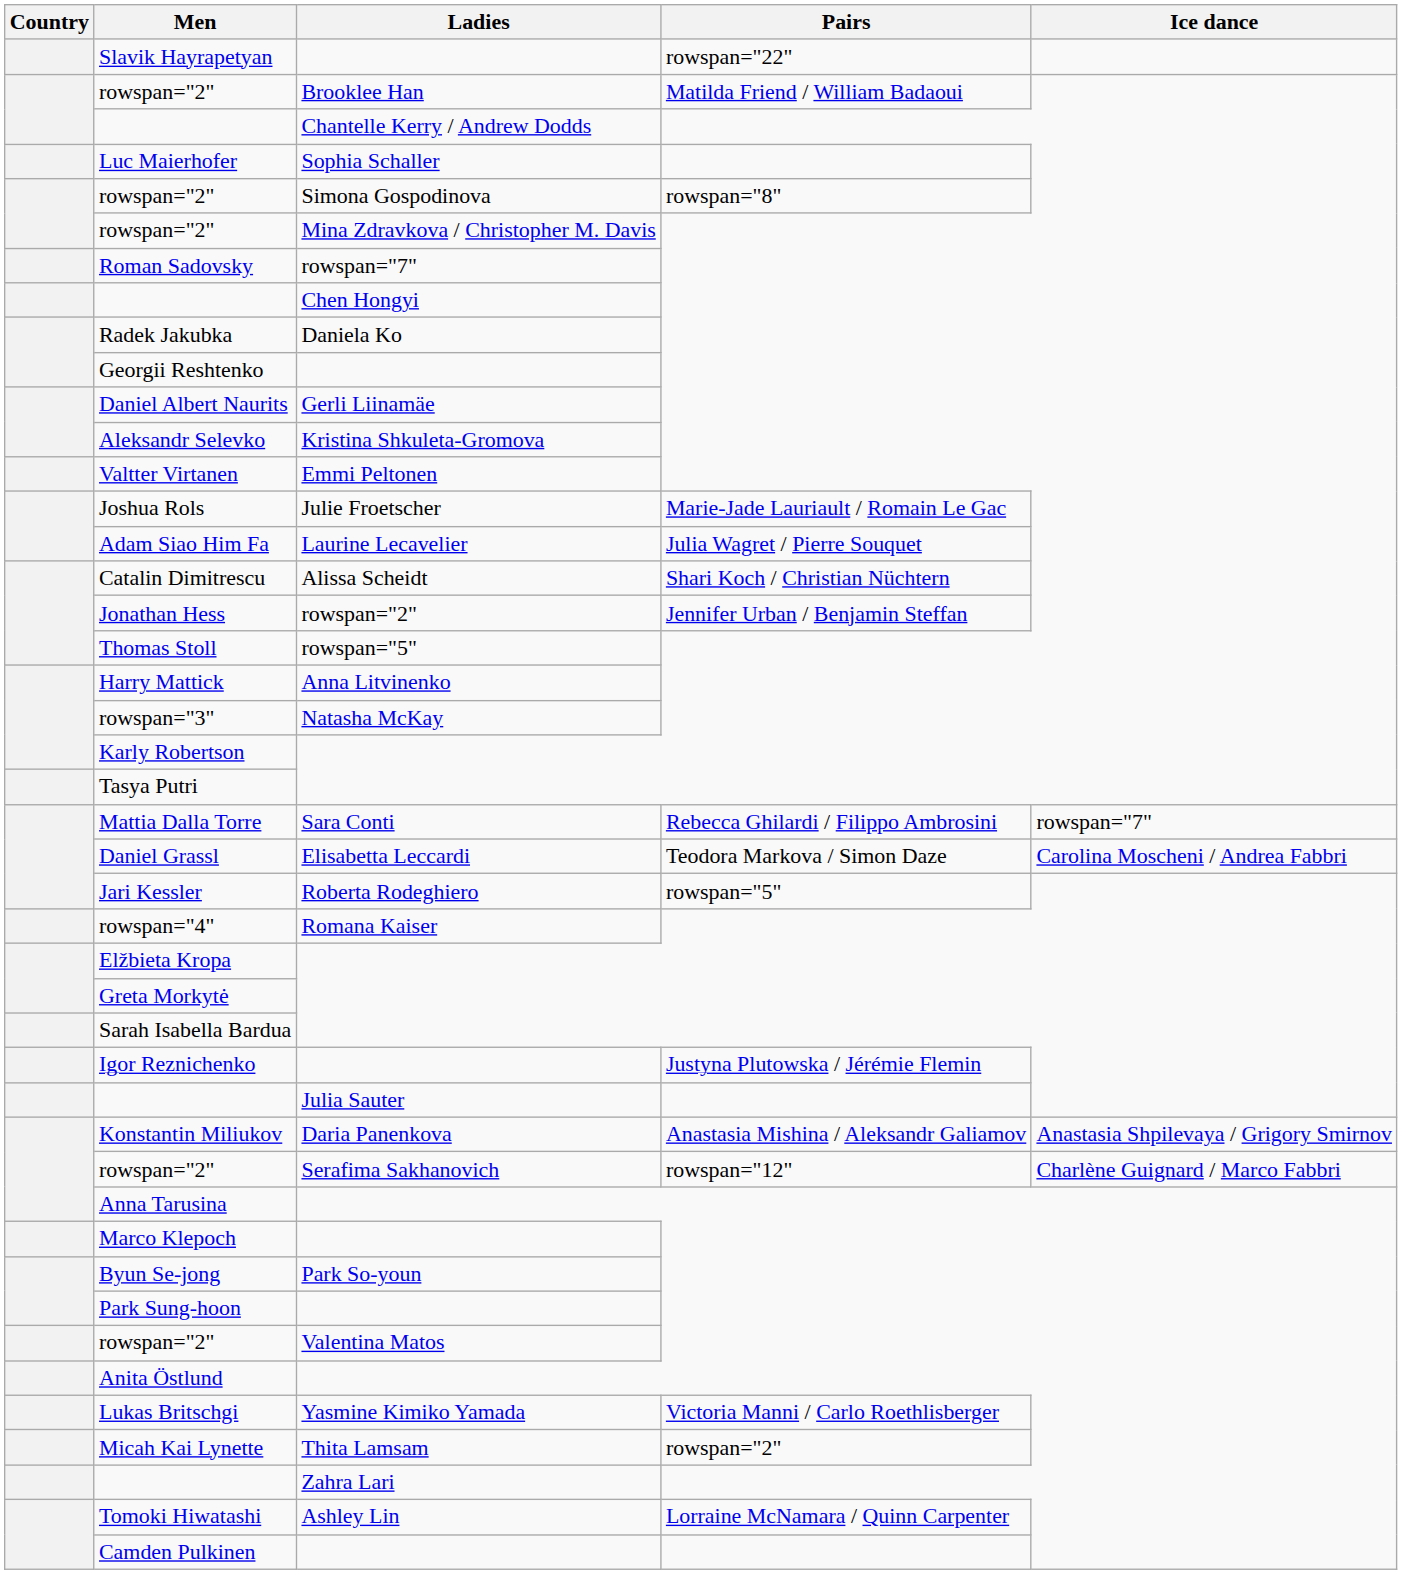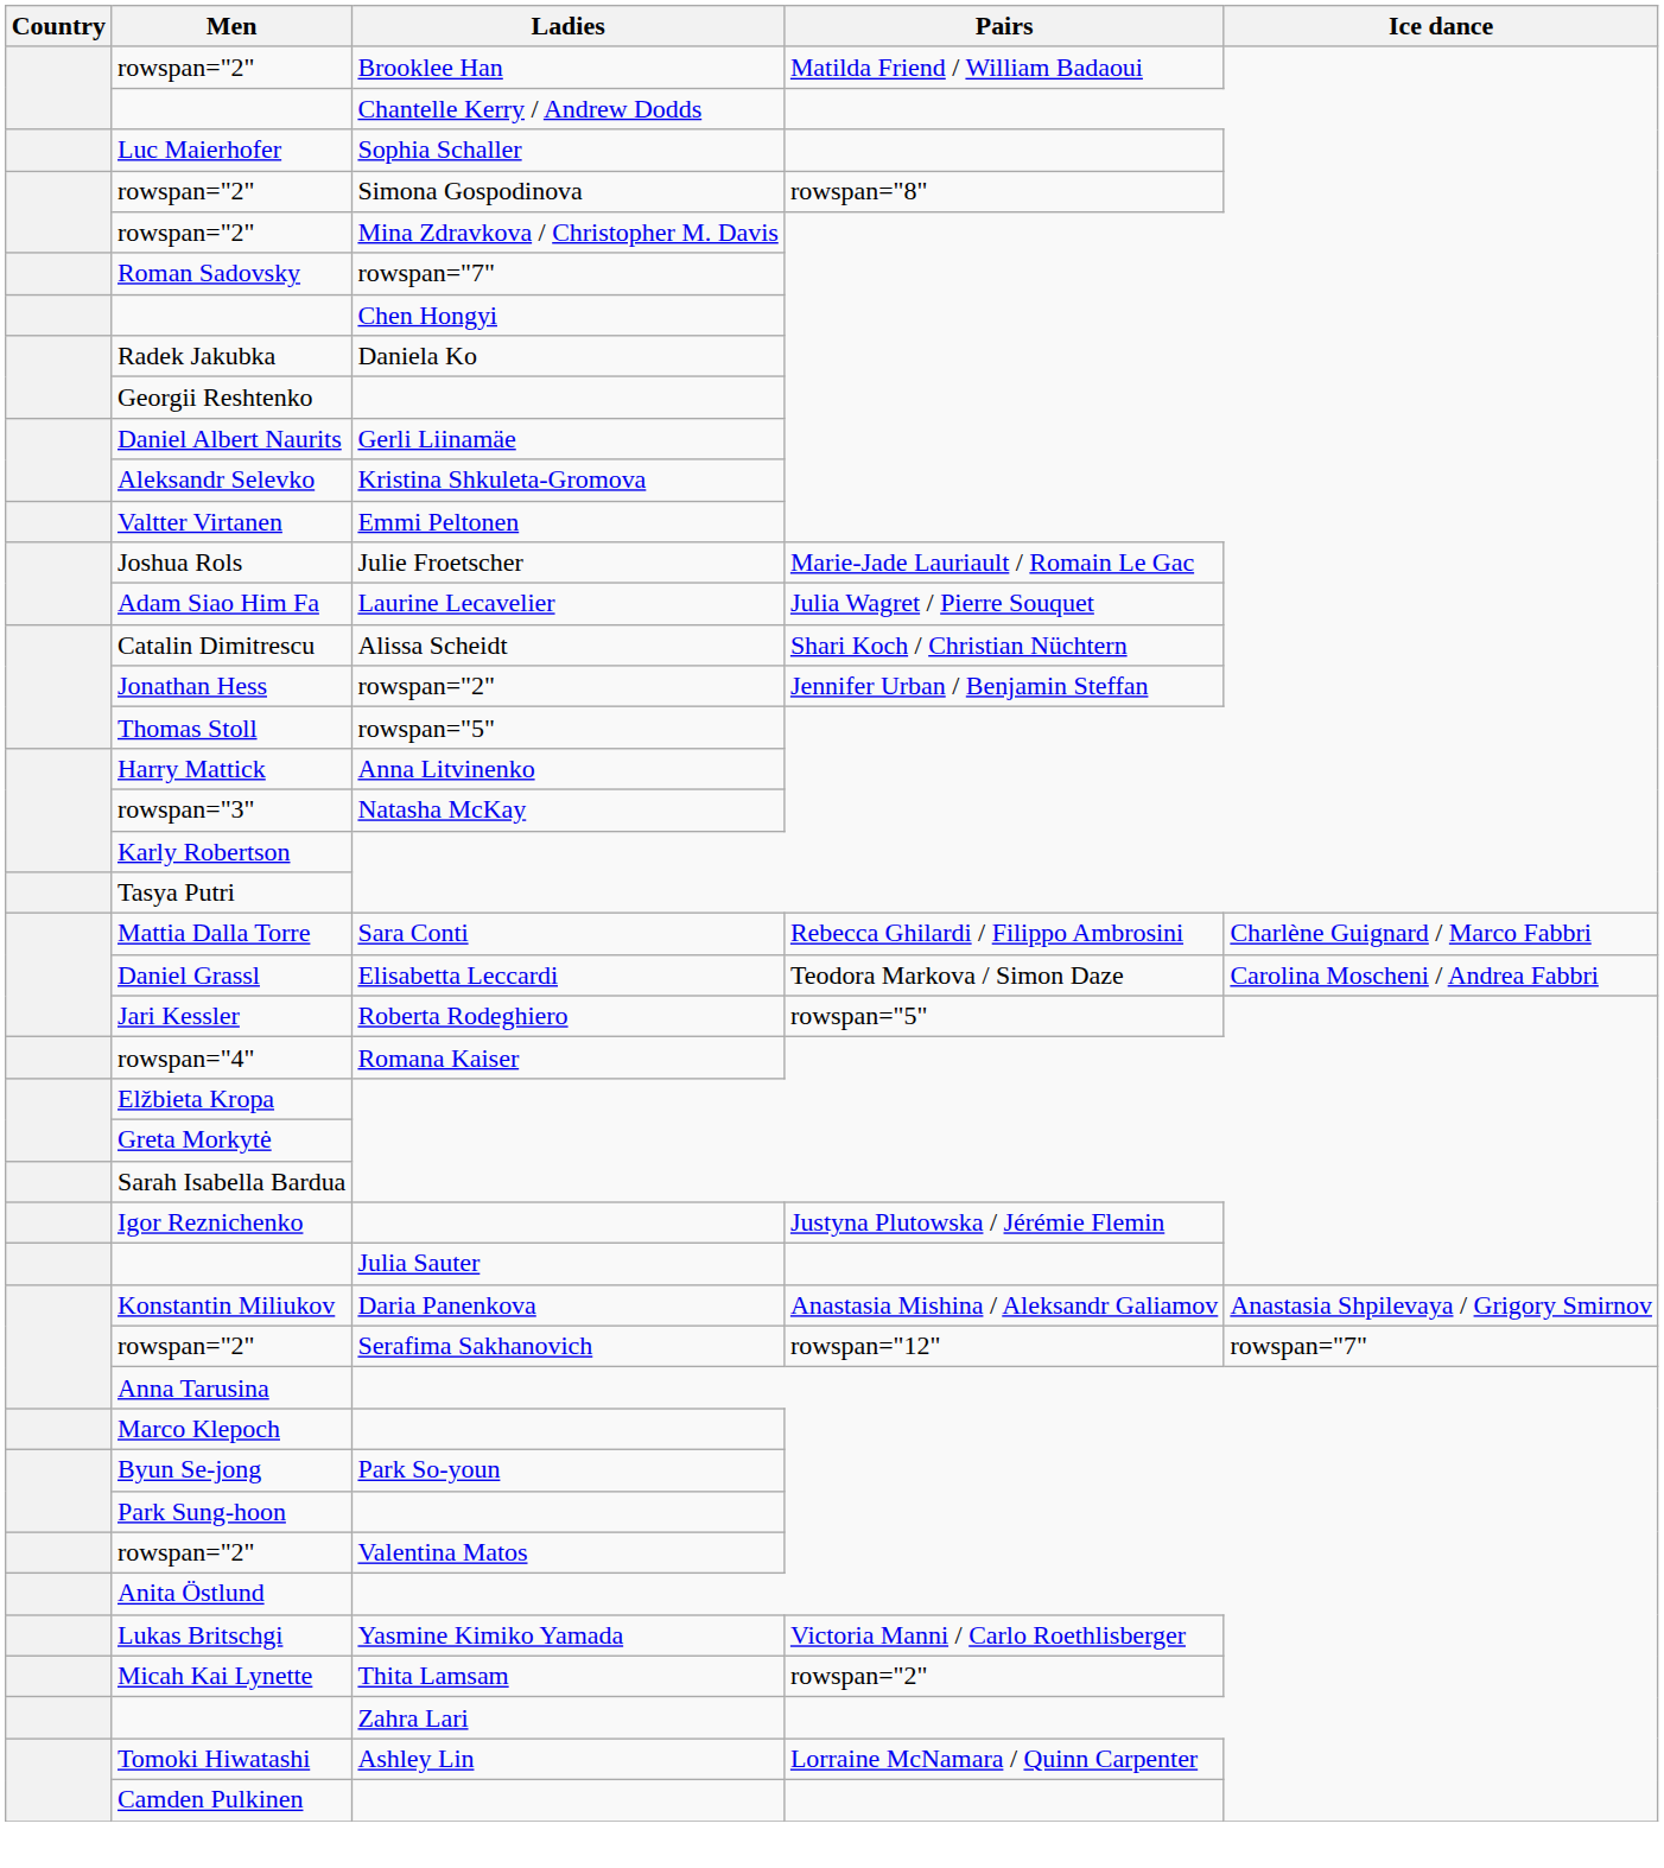 <table class="wikitable unsortable" style="text-align:left">
 <tr>
 <th scope="col">Country</th>
 <th scope="col">Men</th>
 <th scope="col">Ladies</th>
 <th scope="col">Pairs</th>
 <th scope="col">Ice dance</th>
-</tr>
-<tr>
-<th scope="row" style="text-align:left"></th>
-<td><a href='#'>Slavik Hayrapetyan</a></td>
-<td></td>
-<td>rowspan="22" </td>
-<td></td>
 </tr>
 <tr>
 <th rowspan="2" scope="row" style="text-align:left"></th>
 <td>rowspan="2" </td>
 <td><a href='#'>Brooklee Han</a></td>
 <td><a href='#'>Matilda Friend</a> / <a href='#'>William Badaoui</a></td>
 </tr>
 <tr>
 <td></td>
 <td><a href='#'>Chantelle Kerry</a> / <a href='#'>Andrew Dodds</a></td>
 </tr>
 <tr>
 <th scope="row" style="text-align:left"></th>
 <td><a href='#'>Luc Maierhofer</a></td>
 <td><a href='#'>Sophia Schaller</a></td>
 <td></td>
 </tr>
 <tr>
 <th rowspan="2" scope="row" style="text-align:left"></th>
 <td>rowspan="2" </td>
 <td>Simona Gospodinova</td>
 <td>rowspan="8" </td>
 </tr>
 <tr>
 <td>rowspan="2" </td>
 <td><a href='#'>Mina Zdravkova</a> / <a href='#'>Christopher M. Davis</a></td>
 </tr>
 <tr>
 <th scope="row" style="text-align:left"></th>
 <td><a href='#'>Roman Sadovsky</a></td>
 <td>rowspan="7" </td>
 </tr>
 <tr>
 <th scope="row" style="text-align:left"></th>
 <td></td>
 <td><a href='#'>Chen Hongyi</a></td>
 </tr>
 <tr>
 <th rowspan="2" scope="row" style="text-align:left"></th>
 <td>Radek Jakubka</td>
 <td>Daniela Ko</td>
 </tr>
 <tr>
 <td>Georgii Reshtenko</td>
 <td></td>
 </tr>
 <tr>
 <th rowspan="2" scope="row" style="text-align:left"></th>
 <td><a href='#'>Daniel Albert Naurits</a></td>
 <td><a href='#'>Gerli Liinamäe</a></td>
 </tr>
 <tr>
 <td><a href='#'>Aleksandr Selevko</a></td>
 <td><a href='#'>Kristina Shkuleta-Gromova</a></td>
 </tr>
 <tr>
 <th scope="row" style="text-align:left"></th>
 <td><a href='#'>Valtter Virtanen</a></td>
 <td><a href='#'>Emmi Peltonen</a></td>
 </tr>
 <tr>
 <th rowspan="2" scope="row" style="text-align:left"></th>
 <td>Joshua Rols</td>
 <td>Julie Froetscher</td>
 <td><a href='#'>Marie-Jade Lauriault</a> / <a href='#'>Romain Le Gac</a></td>
 </tr>
 <tr>
 <td><a href='#'>Adam Siao Him Fa</a></td>
 <td><a href='#'>Laurine Lecavelier</a></td>
 <td><a href='#'>Julia Wagret</a> / <a href='#'>Pierre Souquet</a></td>
 </tr>
 <tr>
 <th rowspan="3" scope="row" style="text-align:left"></th>
 <td>Catalin Dimitrescu</td>
 <td>Alissa Scheidt</td>
 <td><a href='#'>Shari Koch</a> / <a href='#'>Christian Nüchtern</a></td>
 </tr>
 <tr>
 <td><a href='#'>Jonathan Hess</a></td>
 <td>rowspan="2" </td>
 <td><a href='#'>Jennifer Urban</a> / <a href='#'>Benjamin Steffan</a></td>
 </tr>
 <tr>
 <td><a href='#'>Thomas Stoll</a></td>
 <td>rowspan="5" </td>
 </tr>
 <tr>
 <th rowspan="3" scope="row" style="text-align:left"></th>
 <td><a href='#'>Harry Mattick</a></td>
 <td><a href='#'>Anna Litvinenko</a></td>
 </tr>
 <tr>
 <td>rowspan="3" </td>
 <td><a href='#'>Natasha McKay</a></td>
 </tr>
 <tr>
 <td><a href='#'>Karly Robertson</a></td>
 </tr>
 <tr>
 <th scope="row" style="text-align:left"></th>
 <td>Tasya Putri</td>
 </tr>
 <tr>
 <th rowspan="3" scope="row" style="text-align:left"></th>
 <td><a href='#'>Mattia Dalla Torre</a></td>
 <td><a href='#'>Sara Conti</a></td>
 <td><a href='#'>Rebecca Ghilardi</a> / <a href='#'>Filippo Ambrosini</a></td>
-<td>rowspan="7" </td>
+<td><a href='#'>Charlène Guignard</a> / <a href='#'>Marco Fabbri</a></td>
 </tr>
 <tr>
 <td><a href='#'>Daniel Grassl</a></td>
 <td><a href='#'>Elisabetta Leccardi</a></td>
 <td>Teodora Markova / Simon Daze</td>
 <td><a href='#'>Carolina Moscheni</a> / <a href='#'>Andrea Fabbri</a></td>
 </tr>
 <tr>
 <td><a href='#'>Jari Kessler</a></td>
 <td><a href='#'>Roberta Rodeghiero</a></td>
 <td>rowspan="5" </td>
 </tr>
 <tr>
 <th scope="row" style="text-align:left"></th>
 <td>rowspan="4" </td>
 <td><a href='#'>Romana Kaiser</a></td>
 </tr>
 <tr>
 <th rowspan="2" scope="row" style="text-align:left"></th>
 <td><a href='#'>Elžbieta Kropa</a></td>
 </tr>
 <tr>
 <td><a href='#'>Greta Morkytė</a></td>
 </tr>
 <tr>
 <th scope="row" style="text-align:left"></th>
 <td>Sarah Isabella Bardua</td>
 </tr>
 <tr>
 <th scope="row" style="text-align:left"></th>
 <td><a href='#'>Igor Reznichenko</a></td>
 <td></td>
 <td><a href='#'>Justyna Plutowska</a> / <a href='#'>Jérémie Flemin</a></td>
 </tr>
 <tr>
 <th scope="row" style="text-align:left"></th>
 <td></td>
 <td><a href='#'>Julia Sauter</a></td>
 <td></td>
 </tr>
 <tr>
 <th rowspan="3" scope="row" style="text-align:left"></th>
 <td><a href='#'>Konstantin Miliukov</a></td>
 <td><a href='#'>Daria Panenkova</a></td>
 <td><a href='#'>Anastasia Mishina</a> / <a href='#'>Aleksandr Galiamov</a></td>
 <td><a href='#'>Anastasia Shpilevaya</a> / <a href='#'>Grigory Smirnov</a></td>
 </tr>
 <tr>
 <td>rowspan="2" </td>
 <td><a href='#'>Serafima Sakhanovich</a></td>
 <td>rowspan="12" </td>
-<td><a href='#'>Charlène Guignard</a> / <a href='#'>Marco Fabbri</a></td>
+<td>rowspan="7" </td>
 </tr>
 <tr>
 <td><a href='#'>Anna Tarusina</a></td>
 </tr>
 <tr>
 <th scope="row" style="text-align:left"></th>
 <td><a href='#'>Marco Klepoch</a></td>
 <td></td>
 </tr>
 <tr>
 <th rowspan="2" scope="row" style="text-align:left"></th>
 <td><a href='#'>Byun Se-jong</a></td>
 <td><a href='#'>Park So-youn</a></td>
 </tr>
 <tr>
 <td><a href='#'>Park Sung-hoon</a></td>
 <td></td>
 </tr>
 <tr>
 <th scope="row" style="text-align:left"></th>
 <td>rowspan="2" </td>
 <td><a href='#'>Valentina Matos</a></td>
 </tr>
 <tr>
 <th scope="row" style="text-align:left"></th>
 <td><a href='#'>Anita Östlund</a></td>
 </tr>
 <tr>
 <th scope="row" style="text-align:left"></th>
 <td><a href='#'>Lukas Britschgi</a></td>
 <td><a href='#'>Yasmine Kimiko Yamada</a></td>
 <td><a href='#'>Victoria Manni</a> / <a href='#'>Carlo Roethlisberger</a></td>
 </tr>
 <tr>
 <th scope="row" style="text-align:left"></th>
 <td><a href='#'>Micah Kai Lynette</a></td>
 <td><a href='#'>Thita Lamsam</a></td>
 <td>rowspan="2" </td>
 </tr>
 <tr>
 <th scope="row" style="text-align:left"></th>
 <td></td>
 <td><a href='#'>Zahra Lari</a></td>
 </tr>
 <tr>
 <th rowspan="2" scope="row" style="text-align:left"></th>
 <td><a href='#'>Tomoki Hiwatashi</a></td>
 <td><a href='#'>Ashley Lin</a></td>
 <td><a href='#'>Lorraine McNamara</a> / <a href='#'>Quinn Carpenter</a></td>
 </tr>
 <tr>
 <td><a href='#'>Camden Pulkinen</a></td>
 <td></td>
 <td></td>
 </tr>
 </table>
